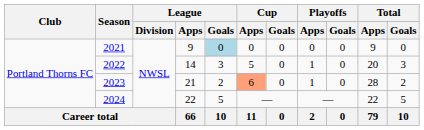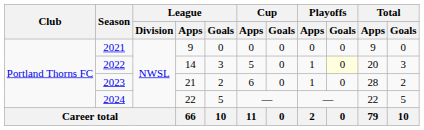 <table class="wikitable" style="text-align:center">
 <tr>
 <th rowspan="2">Club</th>
 <th rowspan="2">Season</th>
 <th colspan="3">League</th>
 <th colspan="2">Cup</th>
 <th colspan="2">Playoffs</th>
 <th colspan="2">Total</th>
 </tr>
 <tr>
 <th>Division</th>
 <th>Apps</th>
 <th>Goals</th>
 <th>Apps</th>
 <th>Goals</th>
 <th>Apps</th>
 <th>Goals</th>
 <th>Apps</th>
 <th>Goals</th>
 </tr>
 <tr>
 <td rowspan="4"><a href='#'>Portland Thorns FC</a></td>
 <td><a href='#'>2021</a></td>
 <td rowspan="4"><a href='#'>NWSL</a></td>
 <td>9</td>
-<td style="background: lightblue;">0</td>
+<td>0</td>
 <td>0</td>
 <td>0</td>
 <td>0</td>
 <td>0</td>
 <td>9</td>
 <td>0</td>
 </tr>
 <tr>
 <td><a href='#'>2022</a></td>
 <td>14</td>
 <td>3</td>
 <td>5</td>
 <td>0</td>
 <td>1</td>
-<td>0</td>
+<td style="background: lightyellow;">0</td>
 <td>20</td>
 <td>3</td>
 </tr>
 <tr>
 <td><a href='#'>2023</a></td>
 <td>21</td>
 <td>2</td>
-<td style="background: lightsalmon;">6</td>
+<td>6</td>
 <td>0</td>
 <td>1</td>
 <td>0</td>
 <td>28</td>
 <td>2</td>
 </tr>
 <tr>
 <td><a href='#'>2024</a></td>
 <td>22</td>
 <td>5</td>
 <td colspan="2">—</td>
 <td colspan="2">—</td>
 <td>22</td>
 <td>5</td>
 </tr>
 <tr>
 <th colspan="3">Career total</th>
 <th>66</th>
 <th>10</th>
 <th>11</th>
 <th>0</th>
 <th>2</th>
 <th>0</th>
 <th>79</th>
 <th>10</th>
 </tr>
 </table>
